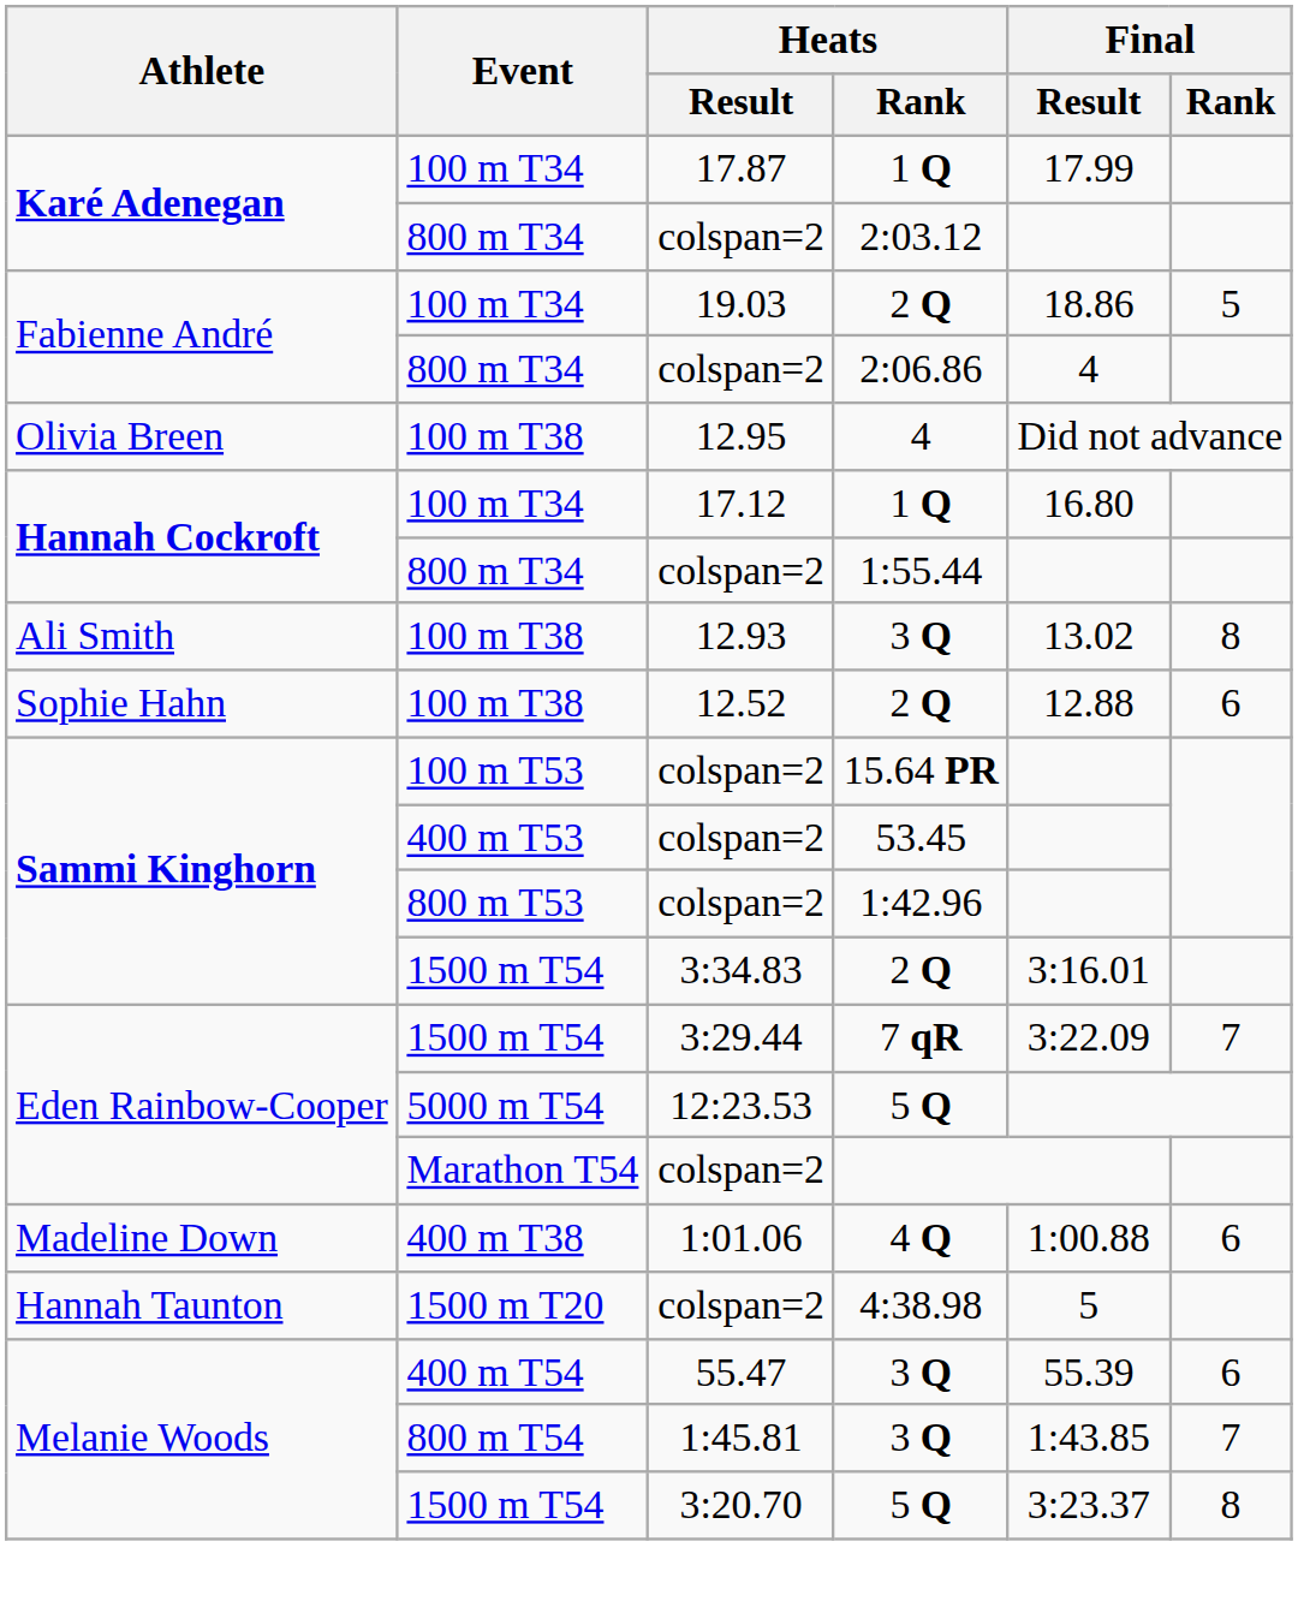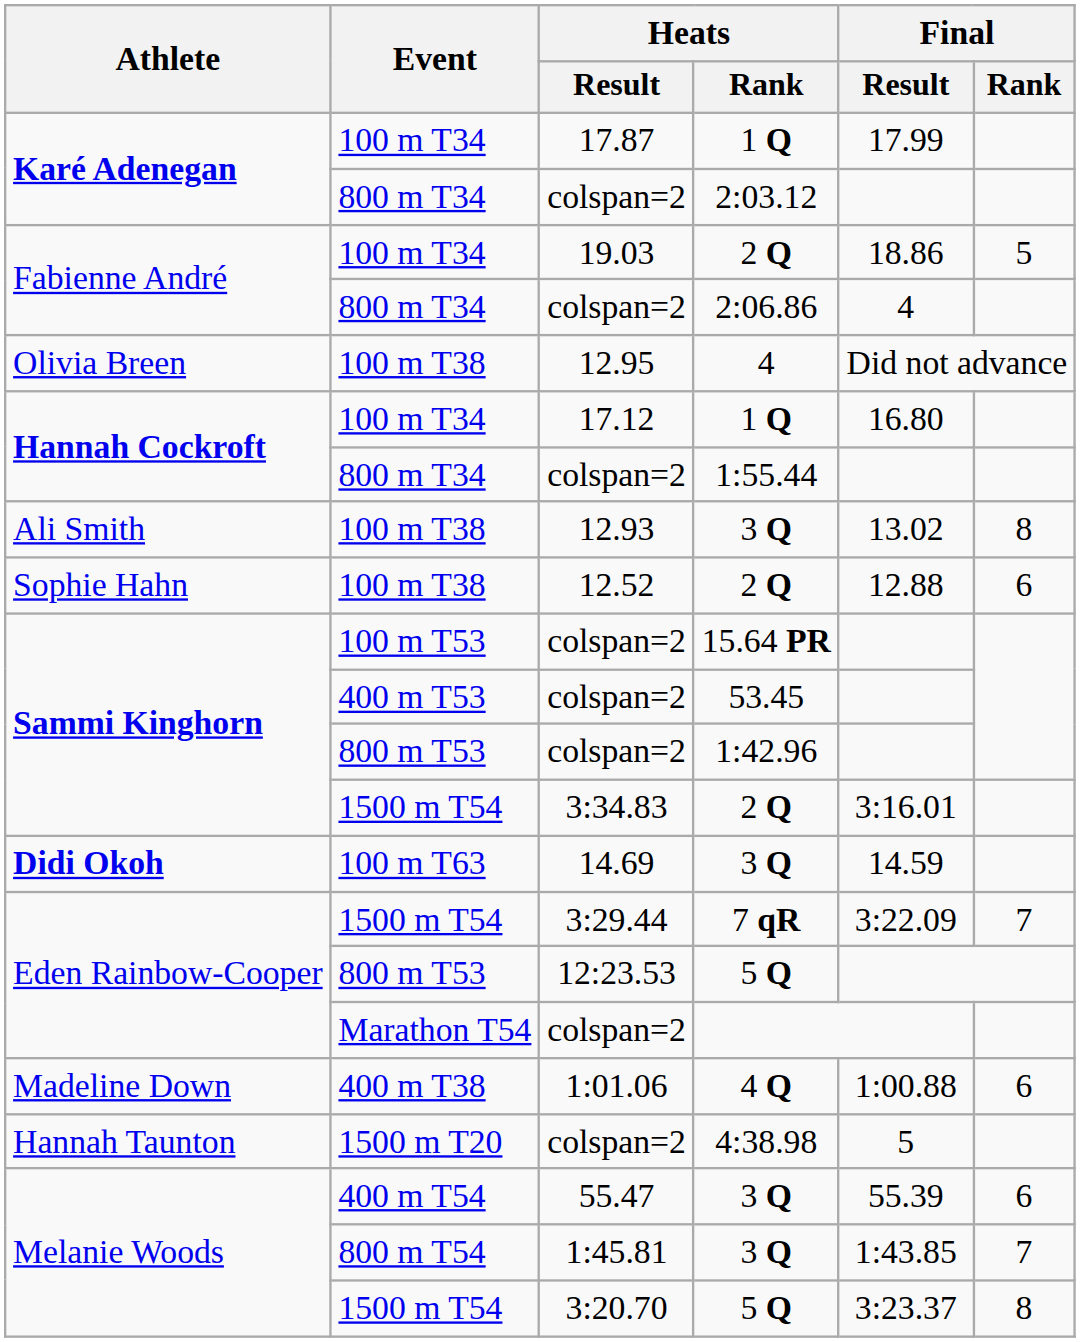 <table class="wikitable" style="font-size:90%">
 <tr>
 <th rowspan="2">Athlete</th>
 <th rowspan="2">Event</th>
 <th colspan="2">Heats</th>
 <th colspan="2">Final</th>
 </tr>
 <tr style="font-size:95%">
 <th>Result</th>
 <th>Rank</th>
 <th>Result</th>
 <th>Rank</th>
 </tr>
 <tr style="text-align:center">
 <td style="text-align:left" rowspan=2><strong><a href='#'>Karé Adenegan</a></strong></td>
 <td style="text-align:left"><a href='#'>100 m T34</a></td>
 <td>17.87</td>
 <td>1 <strong>Q</strong></td>
 <td>17.99</td>
 <td></td>
 </tr>
 <tr style="text-align:center">
 <td style="text-align:left"><a href='#'>800 m T34</a></td>
 <td>colspan=2 </td>
 <td>2:03.12</td>
 <td></td>
 </tr>
 <tr style="text-align:center">
 <td style="text-align:left" rowspan=2><a href='#'>Fabienne André</a></td>
 <td style="text-align:left"><a href='#'>100 m T34</a></td>
 <td>19.03</td>
 <td>2 <strong>Q</strong></td>
 <td>18.86</td>
 <td>5</td>
 </tr>
 <tr style="text-align:center">
 <td style="text-align:left"><a href='#'>800 m T34</a></td>
 <td>colspan=2 </td>
 <td>2:06.86</td>
 <td>4</td>
 </tr>
 <tr style="text-align:center">
 <td style="text-align:left"><a href='#'>Olivia Breen</a></td>
 <td style="text-align:left"><a href='#'>100 m T38</a></td>
 <td>12.95</td>
 <td>4</td>
 <td colspan="2">Did not advance</td>
 </tr>
 <tr style="text-align:center">
 <td style="text-align:left" rowspan=2><strong><a href='#'>Hannah Cockroft</a></strong></td>
 <td style="text-align:left"><a href='#'>100 m T34</a></td>
 <td>17.12</td>
 <td>1 <strong>Q</strong></td>
 <td>16.80</td>
 <td></td>
 </tr>
 <tr style="text-align:center">
 <td style="text-align:left"><a href='#'>800 m T34</a></td>
 <td>colspan=2 </td>
 <td>1:55.44</td>
 <td></td>
 </tr>
 <tr style="text-align:center">
 <td style="text-align:left"><a href='#'>Ali Smith</a></td>
 <td style="text-align:left"><a href='#'>100 m T38</a></td>
 <td>12.93</td>
 <td>3 <strong>Q</strong></td>
 <td>13.02</td>
 <td>8</td>
 </tr>
 <tr style="text-align:center">
 <td style="text-align:left"><a href='#'>Sophie Hahn</a></td>
 <td style="text-align:left"><a href='#'>100 m T38</a></td>
 <td>12.52</td>
 <td>2 <strong>Q</strong></td>
 <td>12.88</td>
 <td>6</td>
 </tr>
 <tr style="text-align:center">
 <td style="text-align:left" rowspan=4><strong><a href='#'>Sammi Kinghorn</a></strong></td>
 <td style="text-align:left"><a href='#'>100 m T53</a></td>
 <td>colspan=2 </td>
 <td>15.64 <strong>PR</strong></td>
 <td></td>
 </tr>
 <tr style="text-align:center">
 <td style="text-align:left"><a href='#'>400 m T53</a></td>
 <td>colspan=2 </td>
 <td>53.45</td>
 <td></td>
 </tr>
 <tr style="text-align:center">
 <td style="text-align:left"><a href='#'>800 m T53</a></td>
 <td>colspan=2 </td>
 <td>1:42.96</td>
 <td></td>
 </tr>
 <tr style="text-align:center">
 <td style="text-align:left"><a href='#'>1500 m T54</a></td>
 <td>3:34.83</td>
 <td>2 <strong>Q</strong></td>
 <td>3:16.01</td>
 <td></td>
 </tr>
 <tr style="text-align:center">
+<td style="text-align:left"><strong><a href='#'>Didi Okoh</a></strong></td>
+<td style="text-align:left"><a href='#'>100 m T63</a></td>
+<td>14.69</td>
+<td>3 <strong>Q</strong></td>
+<td>14.59</td>
+<td></td>
+</tr>
+<tr style="text-align:center">
 <td style="text-align:left" rowspan=3><a href='#'>Eden Rainbow-Cooper</a></td>
 <td style="text-align:left"><a href='#'>1500 m T54</a></td>
 <td>3:29.44</td>
 <td>7 <strong>qR</strong></td>
 <td>3:22.09</td>
 <td>7</td>
 </tr>
 <tr style="text-align:center">
-<td style="text-align:left"><a href='#'>5000 m T54</a></td>
+<td style="text-align:left"><a href='#'>800 m T53</a></td>
 <td>12:23.53</td>
 <td>5 <strong>Q</strong></td>
 <td colspan="2"></td>
 </tr>
 <tr style="text-align:center">
 <td style="text-align:left"><a href='#'>Marathon T54</a></td>
 <td>colspan=2 </td>
 <td colspan="2"></td>
 </tr>
 <tr style="text-align:center">
 <td style="text-align:left"><a href='#'>Madeline Down</a></td>
 <td style="text-align:left"><a href='#'>400 m T38</a></td>
 <td>1:01.06</td>
 <td>4 <strong>Q</strong></td>
 <td>1:00.88</td>
 <td>6</td>
 </tr>
 <tr style="text-align:center">
 <td style="text-align:left"><a href='#'>Hannah Taunton</a></td>
 <td style="text-align:left"><a href='#'>1500 m T20</a></td>
 <td>colspan=2 </td>
 <td>4:38.98</td>
 <td>5</td>
 </tr>
 <tr style="text-align:center">
 <td style="text-align:left" rowspan=3><a href='#'>Melanie Woods</a></td>
 <td style="text-align:left"><a href='#'>400 m T54</a></td>
 <td>55.47</td>
 <td>3 <strong>Q</strong></td>
 <td>55.39</td>
 <td>6</td>
 </tr>
 <tr style="text-align:center">
 <td style="text-align:left"><a href='#'>800 m T54</a></td>
 <td>1:45.81</td>
 <td>3 <strong>Q</strong></td>
 <td>1:43.85</td>
 <td>7</td>
 </tr>
 <tr style="text-align:center">
 <td style="text-align:left"><a href='#'>1500 m T54</a></td>
 <td>3:20.70</td>
 <td>5 <strong>Q</strong></td>
 <td>3:23.37</td>
 <td>8</td>
 </tr>
 </table>
